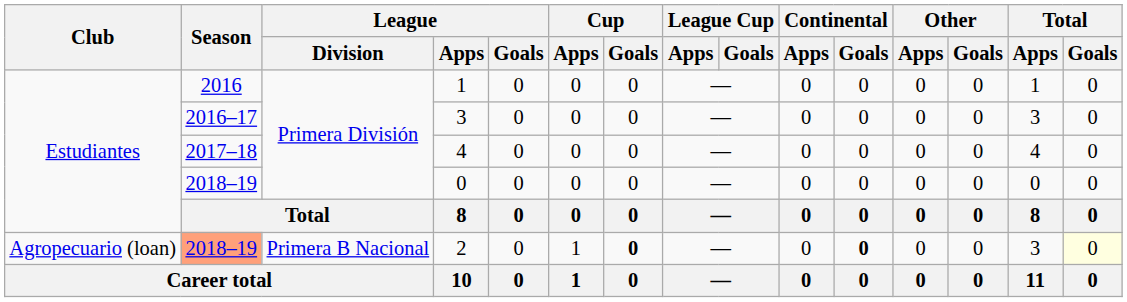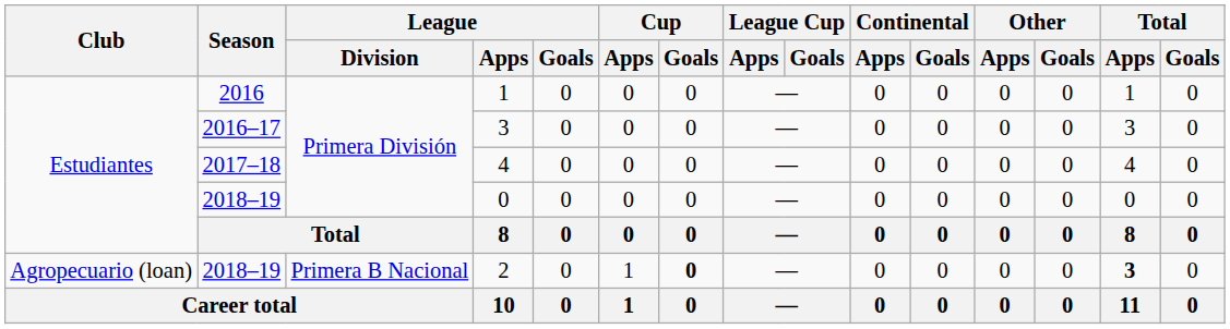 <table class="wikitable" style="text-align:center">
 <tr>
 <th rowspan="2">Club</th>
 <th rowspan="2">Season</th>
 <th colspan="3">League</th>
 <th colspan="2">Cup</th>
 <th colspan="2">League Cup</th>
 <th colspan="2">Continental</th>
 <th colspan="2">Other</th>
 <th colspan="2">Total</th>
 </tr>
 <tr>
 <th>Division</th>
 <th>Apps</th>
 <th>Goals</th>
 <th>Apps</th>
 <th>Goals</th>
 <th>Apps</th>
 <th>Goals</th>
 <th>Apps</th>
 <th>Goals</th>
 <th>Apps</th>
 <th>Goals</th>
 <th>Apps</th>
 <th>Goals</th>
 </tr>
 <tr>
 <td rowspan="5"><a href='#'>Estudiantes</a></td>
 <td><a href='#'>2016</a></td>
 <td rowspan="4"><a href='#'>Primera División</a></td>
 <td>1</td>
 <td>0</td>
 <td>0</td>
 <td>0</td>
 <td colspan="2">—</td>
 <td>0</td>
 <td>0</td>
 <td>0</td>
 <td>0</td>
 <td>1</td>
 <td>0</td>
 </tr>
 <tr>
 <td><a href='#'>2016–17</a></td>
 <td>3</td>
 <td>0</td>
 <td>0</td>
 <td>0</td>
 <td colspan="2">—</td>
 <td>0</td>
 <td>0</td>
 <td>0</td>
 <td>0</td>
 <td>3</td>
 <td>0</td>
 </tr>
 <tr>
 <td><a href='#'>2017–18</a></td>
 <td>4</td>
 <td>0</td>
 <td>0</td>
 <td>0</td>
 <td colspan="2">—</td>
 <td>0</td>
 <td>0</td>
 <td>0</td>
 <td>0</td>
 <td>4</td>
 <td>0</td>
 </tr>
 <tr>
 <td><a href='#'>2018–19</a></td>
 <td>0</td>
 <td>0</td>
 <td>0</td>
 <td>0</td>
 <td colspan="2">—</td>
 <td>0</td>
 <td>0</td>
 <td>0</td>
 <td>0</td>
 <td>0</td>
 <td>0</td>
 </tr>
 <tr>
 <th colspan="2">Total</th>
 <th>8</th>
 <th>0</th>
 <th>0</th>
 <th>0</th>
 <th colspan="2">—</th>
 <th>0</th>
 <th>0</th>
 <th>0</th>
 <th>0</th>
 <th>8</th>
 <th>0</th>
 </tr>
 <tr>
 <td rowspan="1"><a href='#'>Agropecuario</a> (loan)</td>
-<td style="background: lightsalmon;"><a href='#'>2018–19</a></td>
+<td><a href='#'>2018–19</a></td>
 <td rowspan="1"><a href='#'>Primera B Nacional</a></td>
 <td>2</td>
 <td>0</td>
 <td>1</td>
 <td><strong>0</strong></td>
 <td colspan="2">—</td>
 <td>0</td>
-<td><strong>0</strong></td>
 <td>0</td>
 <td>0</td>
-<td>3</td>
-<td style="background: lightyellow;">0</td>
+<td>0</td>
+<td><strong>3</strong></td>
+<td>0</td>
 </tr>
 <tr>
 <th colspan="3">Career total</th>
 <th>10</th>
 <th>0</th>
 <th>1</th>
 <th>0</th>
 <th colspan="2">—</th>
 <th>0</th>
 <th>0</th>
 <th>0</th>
 <th>0</th>
 <th>11</th>
 <th>0</th>
 </tr>
 </table>
